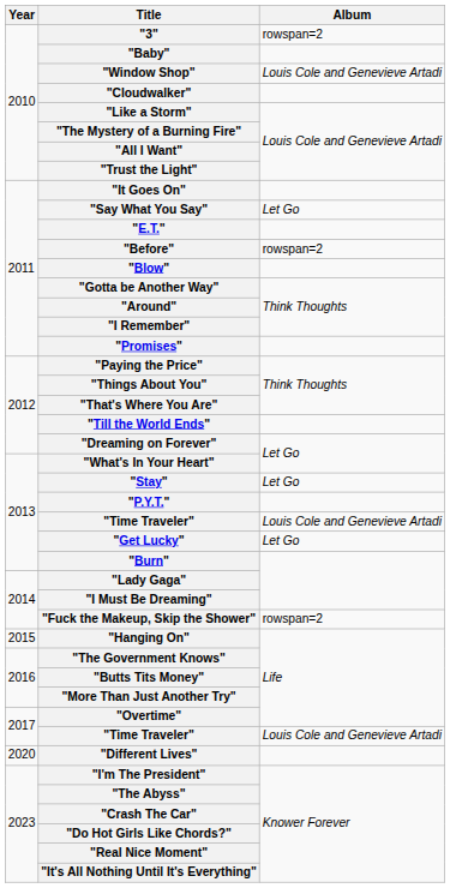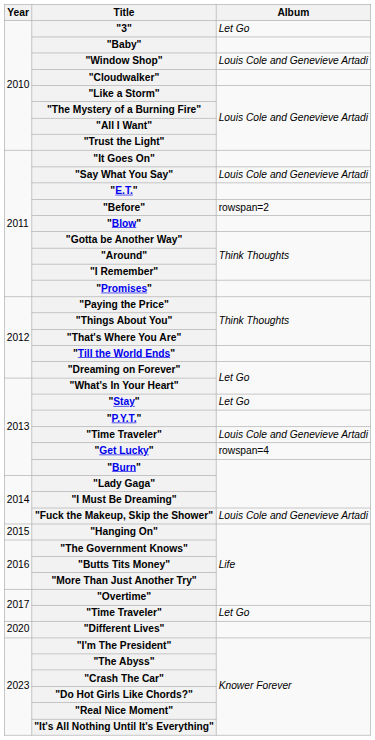 <table class="wikitable sortable plainrowheaders">
 <tr>
 <th>Year</th>
 <th>Title</th>
 <th>Album</th>
 </tr>
 <tr>
 <td rowspan="8">2010</td>
 <th scope="row">"3"</th>
-<td>rowspan=2 </td>
+<td><em>Let Go</em></td>
 </tr>
 <tr>
 <th scope="row">"Baby"</th>
 </tr>
 <tr>
 <th scope="row">"Window Shop"</th>
 <td><em>Louis Cole and Genevieve Artadi</em></td>
 </tr>
 <tr>
 <th scope="row">"Cloudwalker"</th>
 <td></td>
 </tr>
 <tr>
 <th scope="row">"Like a Storm"</th>
 <td rowspan=4><em>Louis Cole and Genevieve Artadi</em></td>
 </tr>
 <tr>
 <th scope="row">"The Mystery of a Burning Fire"<br> </th>
 </tr>
 <tr>
 <th scope="row">"All I Want"</th>
 </tr>
 <tr>
 <th scope="row">"Trust the Light"</th>
 </tr>
 <tr>
 <td rowspan="9">2011</td>
 <th scope="row">"It Goes On"<br> </th>
 <td></td>
 </tr>
 <tr>
 <th scope="row">"Say What You Say"</th>
-<td><em>Let Go</em></td>
+<td><em>Louis Cole and Genevieve Artadi</em></td>
 </tr>
 <tr>
 <th scope="row">"<a href='#'>E.T.</a>"</th>
 <td></td>
 </tr>
 <tr>
 <th scope="row">"Before"</th>
 <td>rowspan=2 </td>
 </tr>
 <tr>
 <th scope="row">"<a href='#'>Blow</a>"</th>
 <td></td>
 </tr>
 <tr>
 <th scope="row">"Gotta be Another Way"</th>
 <td rowspan=3><em>Think Thoughts</em></td>
 </tr>
 <tr>
 <th scope="row">"Around"</th>
 </tr>
 <tr>
 <th scope="row">"I Remember"</th>
 </tr>
 <tr>
 <th scope="row">"<a href='#'>Promises</a>"</th>
 <td></td>
 </tr>
 <tr>
 <td rowspan="5">2012</td>
 <th scope="row">"Paying the Price"<br> </th>
 <td rowspan=3><em>Think Thoughts</em></td>
 </tr>
 <tr>
 <th scope="row">"Things About You"</th>
 </tr>
 <tr>
 <th scope="row">"That's Where You Are"</th>
 </tr>
 <tr>
 <th scope="row">"<a href='#'>Till the World Ends</a>"</th>
 <td></td>
 </tr>
 <tr>
 <th scope="row">"Dreaming on Forever"</th>
 <td rowspan=2><em>Let Go</em></td>
 </tr>
 <tr>
 <td rowspan="6">2013</td>
 <th scope="row">"What's In Your Heart"</th>
 </tr>
 <tr>
 <th scope="row">"<a href='#'>Stay</a>"</th>
 <td><em>Let Go</em></td>
 </tr>
 <tr>
 <th scope="row">"<a href='#'>P.Y.T.</a>"</th>
 </tr>
 <tr>
 <th scope="row">"Time Traveler"</th>
 <td><em>Louis Cole and Genevieve Artadi</em></td>
 </tr>
 <tr>
 <th scope="row">"<a href='#'>Get Lucky</a>"</th>
-<td><em>Let Go</em></td>
+<td>rowspan=4 </td>
 </tr>
 <tr>
 <th scope="row">"<a href='#'>Burn</a>"</th>
 </tr>
 <tr>
 <td rowspan="3">2014</td>
 <th scope="row">"Lady Gaga"</th>
 </tr>
 <tr>
 <th scope="row">"I Must Be Dreaming"</th>
 </tr>
 <tr>
 <th scope="row">"Fuck the Makeup, Skip the Shower"</th>
-<td>rowspan=2 </td>
+<td><em>Louis Cole and Genevieve Artadi</em></td>
 </tr>
 <tr>
 <td>2015</td>
 <th scope="row">"Hanging On"</th>
 <td rowspan=5><em>Life</em></td>
 </tr>
 <tr>
 <td rowspan="3">2016</td>
 <th scope="row">"The Government Knows"</th>
 </tr>
 <tr>
 <th scope="row">"Butts Tits Money"</th>
 </tr>
 <tr>
 <th scope="row">"More Than Just Another Try"</th>
 </tr>
 <tr>
 <td rowspan="2">2017</td>
 <th scope="row">"Overtime"</th>
 </tr>
 <tr>
 <th scope="row">"Time Traveler"</th>
-<td><em>Louis Cole and Genevieve Artadi</em></td>
+<td><em>Let Go</em></td>
 </tr>
 <tr>
 <td>2020</td>
 <th scope="row">"Different Lives"</th>
 <td></td>
 </tr>
 <tr>
 <td rowspan="6">2023</td>
 <th scope="row">"I'm The President"</th>
 <td rowspan="6"><em>Knower Forever</em></td>
 </tr>
 <tr>
 <th scope="row">"The Abyss"</th>
 </tr>
 <tr>
 <th scope="row">"Crash The Car"</th>
 </tr>
 <tr>
 <th scope="row">"Do Hot Girls Like Chords?"</th>
 </tr>
 <tr>
 <th scope="row">"Real Nice Moment"</th>
 </tr>
 <tr>
 <th scope="row">"It's All Nothing Until It's Everything"</th>
 </tr>
 </table>
